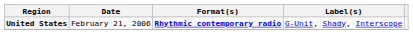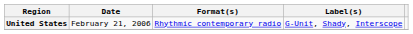 <table class="wikitable plainrowheaders">
 <tr>
 <th scope="col">Region</th>
 <th scope="col">Date</th>
 <th scope="col">Format(s)</th>
 <th scope="col">Label(s)</th>
 <th scope="col"></th>
 </tr>
 <tr>
 <th scope="row">United States</th>
 <td>February 21, 2006</td>
-<td><strong><a href='#'>Rhythmic contemporary radio</a></strong></td>
+<td><a href='#'>Rhythmic contemporary radio</a></td>
 <td><a href='#'>G-Unit</a>, <a href='#'>Shady</a>, <a href='#'>Interscope</a></td>
 <td align="center"></td>
 </tr>
 <tr>
 </tr>
 </table>
